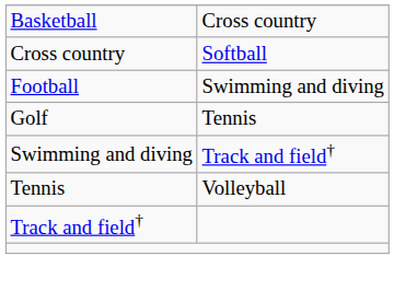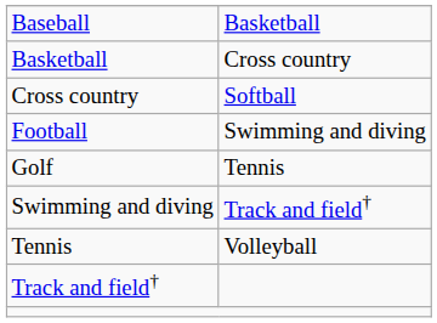 <table class="wikitable" style="float:right; clear:right; margin:0 0 1em 1em;">
 <tr>
+</tr>
+<tr>
+<td><a href='#'>Baseball</a></td>
+<td><a href='#'>Basketball</a></td>
 </tr>
 <tr>
 <td><a href='#'>Basketball</a></td>
 <td>Cross country</td>
 </tr>
 <tr>
 <td>Cross country</td>
 <td><a href='#'>Softball</a></td>
 </tr>
 <tr>
 <td><a href='#'>Football</a></td>
 <td>Swimming and diving</td>
 </tr>
 <tr>
 <td>Golf</td>
 <td>Tennis</td>
 </tr>
 <tr>
 <td>Swimming and diving</td>
 <td><a href='#'>Track and field</a><sup>†</sup></td>
 </tr>
 <tr>
 <td>Tennis</td>
 <td>Volleyball</td>
 </tr>
 <tr>
 <td><a href='#'>Track and field</a><sup>†</sup></td>
 <td></td>
 </tr>
 <tr>
 <td colspan="2"></td>
 </tr>
 </table>
